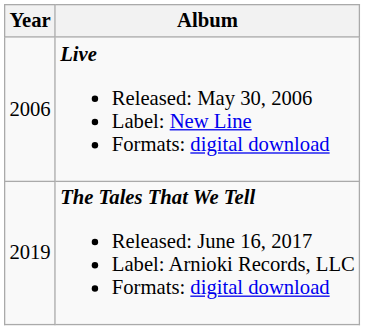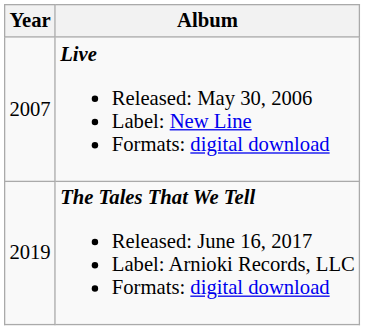 <table class="wikitable">
 <tr>
 <th>Year</th>
 <th>Album</th>
 </tr>
 <tr>
-<td>2006</td>
+<td>2007</td>
 <td><strong><em>Live</em></strong><br><ul><li>Released: May 30, 2006</li><li>Label: <a href='#'>New Line</a></li><li>Formats: <a href='#'>digital download</a></li></ul></td>
 </tr>
 <tr>
 <td>2019</td>
 <td><strong><em>The Tales That We Tell</em></strong><br><ul><li>Released: June 16, 2017</li><li>Label: Arnioki Records, LLC</li><li>Formats: <a href='#'>digital download</a></li></ul></td>
 </tr>
 </table>
